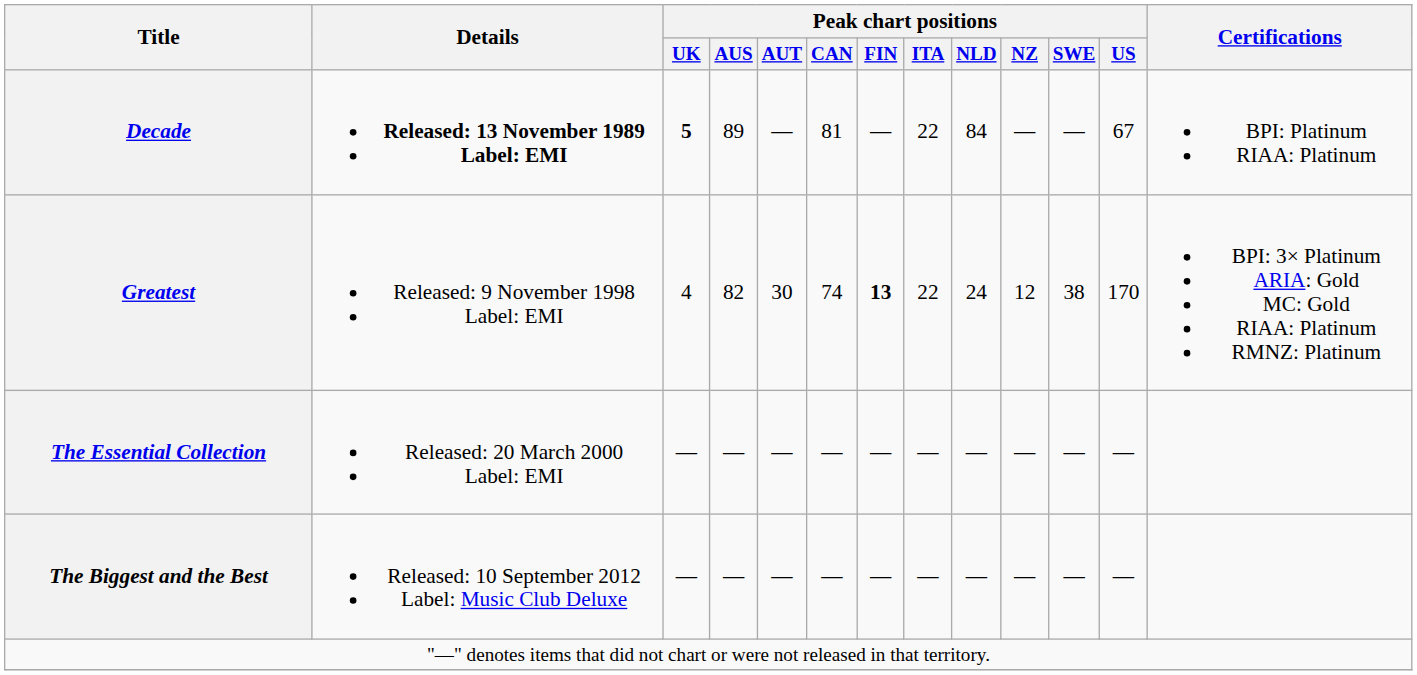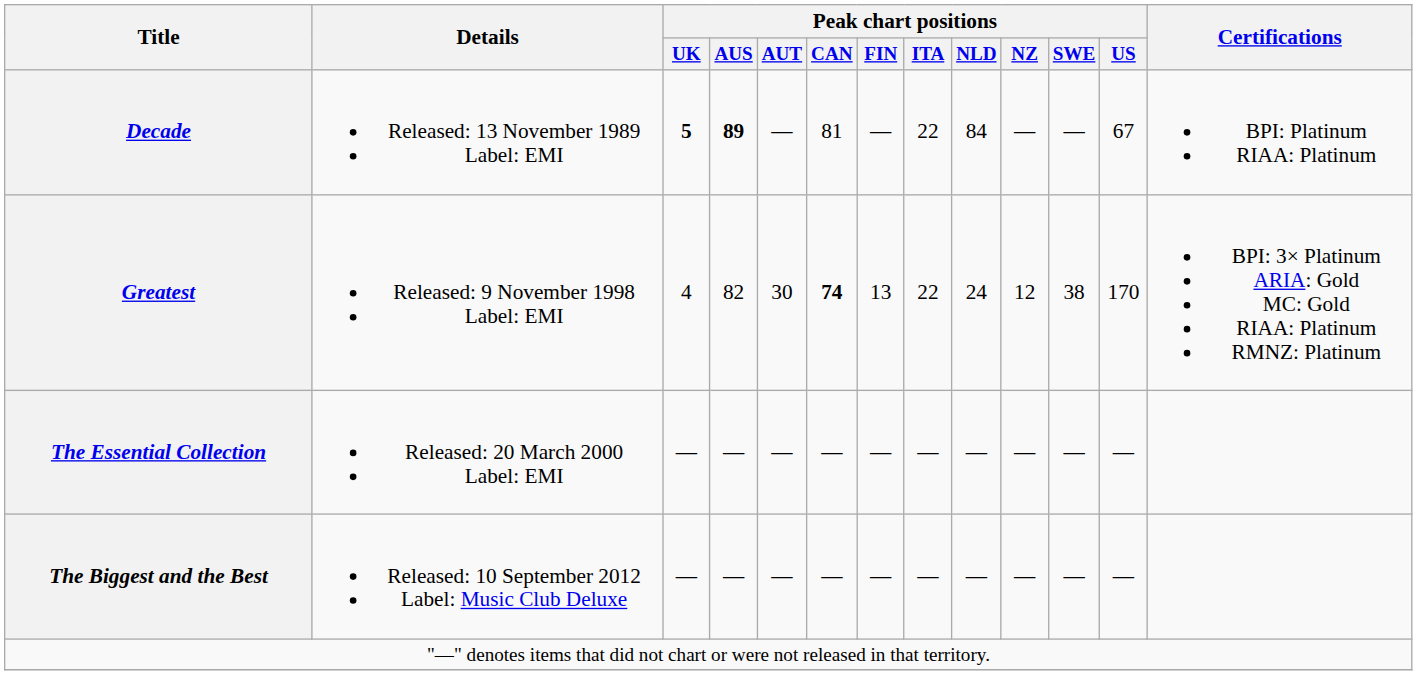 <table class="wikitable plainrowheaders" style="text-align:center;">
 <tr>
 <th scope="col" rowspan="2" style="width:14em;">Title</th>
 <th scope="col" rowspan="2" style="width:16em;">Details</th>
 <th scope="col" colspan="10">Peak chart positions</th>
 <th rowspan="2" style="width:12em;"><a href='#'>Certifications</a></th>
 </tr>
 <tr>
 <th style="width:2em;font-size:90%;"><a href='#'>UK</a><br></th>
 <th style="width:2em;font-size:90%;"><a href='#'>AUS</a><br></th>
 <th style="width:2em;font-size:90%;"><a href='#'>AUT</a><br></th>
 <th style="width:2em;font-size:90%;"><a href='#'>CAN</a><br></th>
 <th style="width:2em;font-size:90%;"><a href='#'>FIN</a><br></th>
 <th style="width:2em;font-size:90%;"><a href='#'>ITA</a><br></th>
 <th style="width:2em;font-size:90%;"><a href='#'>NLD</a><br></th>
 <th style="width:2em;font-size:90%;"><a href='#'>NZ</a><br></th>
 <th style="width:2em;font-size:90%;"><a href='#'>SWE</a><br></th>
 <th style="width:2em;font-size:90%;"><a href='#'>US</a><br></th>
 </tr>
 <tr>
 <th scope="row"><em><a href='#'>Decade</a></em></th>
-<td><strong><br><ul><li>Released: 13 November 1989</li><li>Label: EMI</li></ul></strong></td>
+<td><br><ul><li>Released: 13 November 1989</li><li>Label: EMI</li></ul></td>
 <td><strong>5</strong></td>
-<td>89</td>
+<td><strong>89</strong></td>
 <td>—</td>
 <td>81</td>
 <td>—</td>
 <td>22</td>
 <td>84</td>
 <td>—</td>
 <td>—</td>
 <td>67</td>
 <td><br><ul><li>BPI: Platinum</li><li>RIAA: Platinum</li></ul></td>
 </tr>
 <tr>
 <th scope="row"><em><a href='#'>Greatest</a></em></th>
 <td><br><ul><li>Released: 9 November 1998</li><li>Label: EMI</li></ul></td>
 <td>4</td>
 <td>82</td>
 <td>30</td>
-<td>74</td>
-<td><strong>13</strong></td>
+<td><strong>74</strong></td>
+<td>13</td>
 <td>22</td>
 <td>24</td>
 <td>12</td>
 <td>38</td>
 <td>170</td>
 <td><br><ul><li>BPI: 3× Platinum</li><li><a href='#'>ARIA</a>: Gold</li><li>MC: Gold</li><li>RIAA: Platinum</li><li>RMNZ: Platinum</li></ul></td>
 </tr>
 <tr>
 <th scope="row"><em><a href='#'>The Essential Collection</a></em></th>
 <td><br><ul><li>Released: 20 March 2000</li><li>Label: EMI</li></ul></td>
 <td>—</td>
 <td>—</td>
 <td>—</td>
 <td>—</td>
 <td>—</td>
 <td>—</td>
 <td>—</td>
 <td>—</td>
 <td>—</td>
 <td>—</td>
 <td></td>
 </tr>
 <tr>
 <th scope="row"><em>The Biggest and the Best</em></th>
 <td><br><ul><li>Released: 10 September 2012</li><li>Label: <a href='#'>Music Club Deluxe</a></li></ul></td>
 <td>—</td>
 <td>—</td>
 <td>—</td>
 <td>—</td>
 <td>—</td>
 <td>—</td>
 <td>—</td>
 <td>—</td>
 <td>—</td>
 <td>—</td>
 <td></td>
 </tr>
 <tr>
 <td align="center" colspan="15" style="font-size:90%">"—" denotes items that did not chart or were not released in that territory.</td>
 </tr>
 <tr>
 </tr>
 </table>
